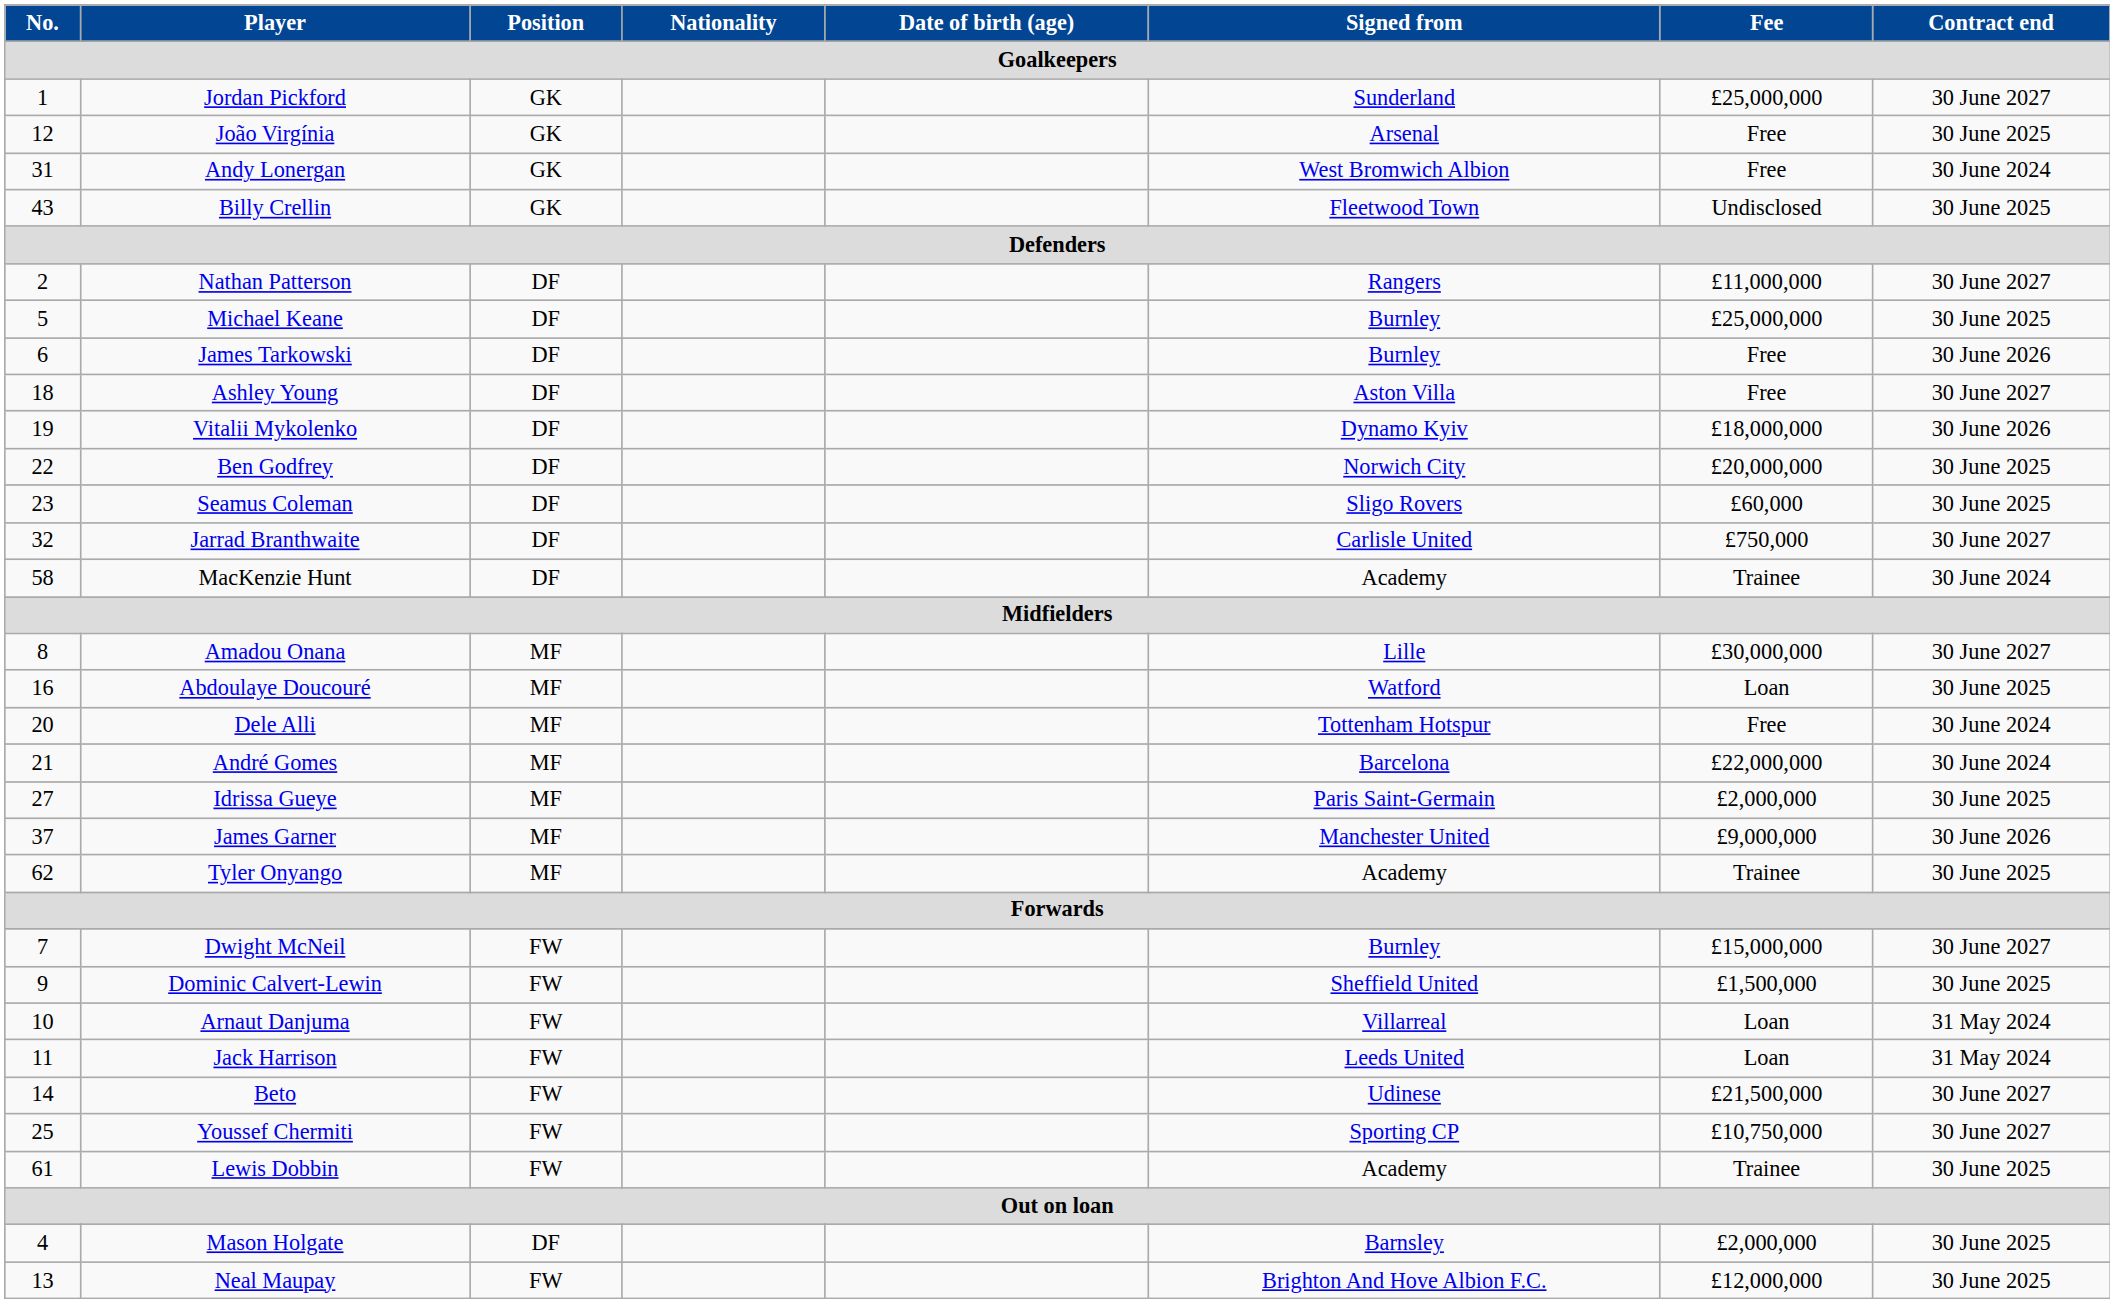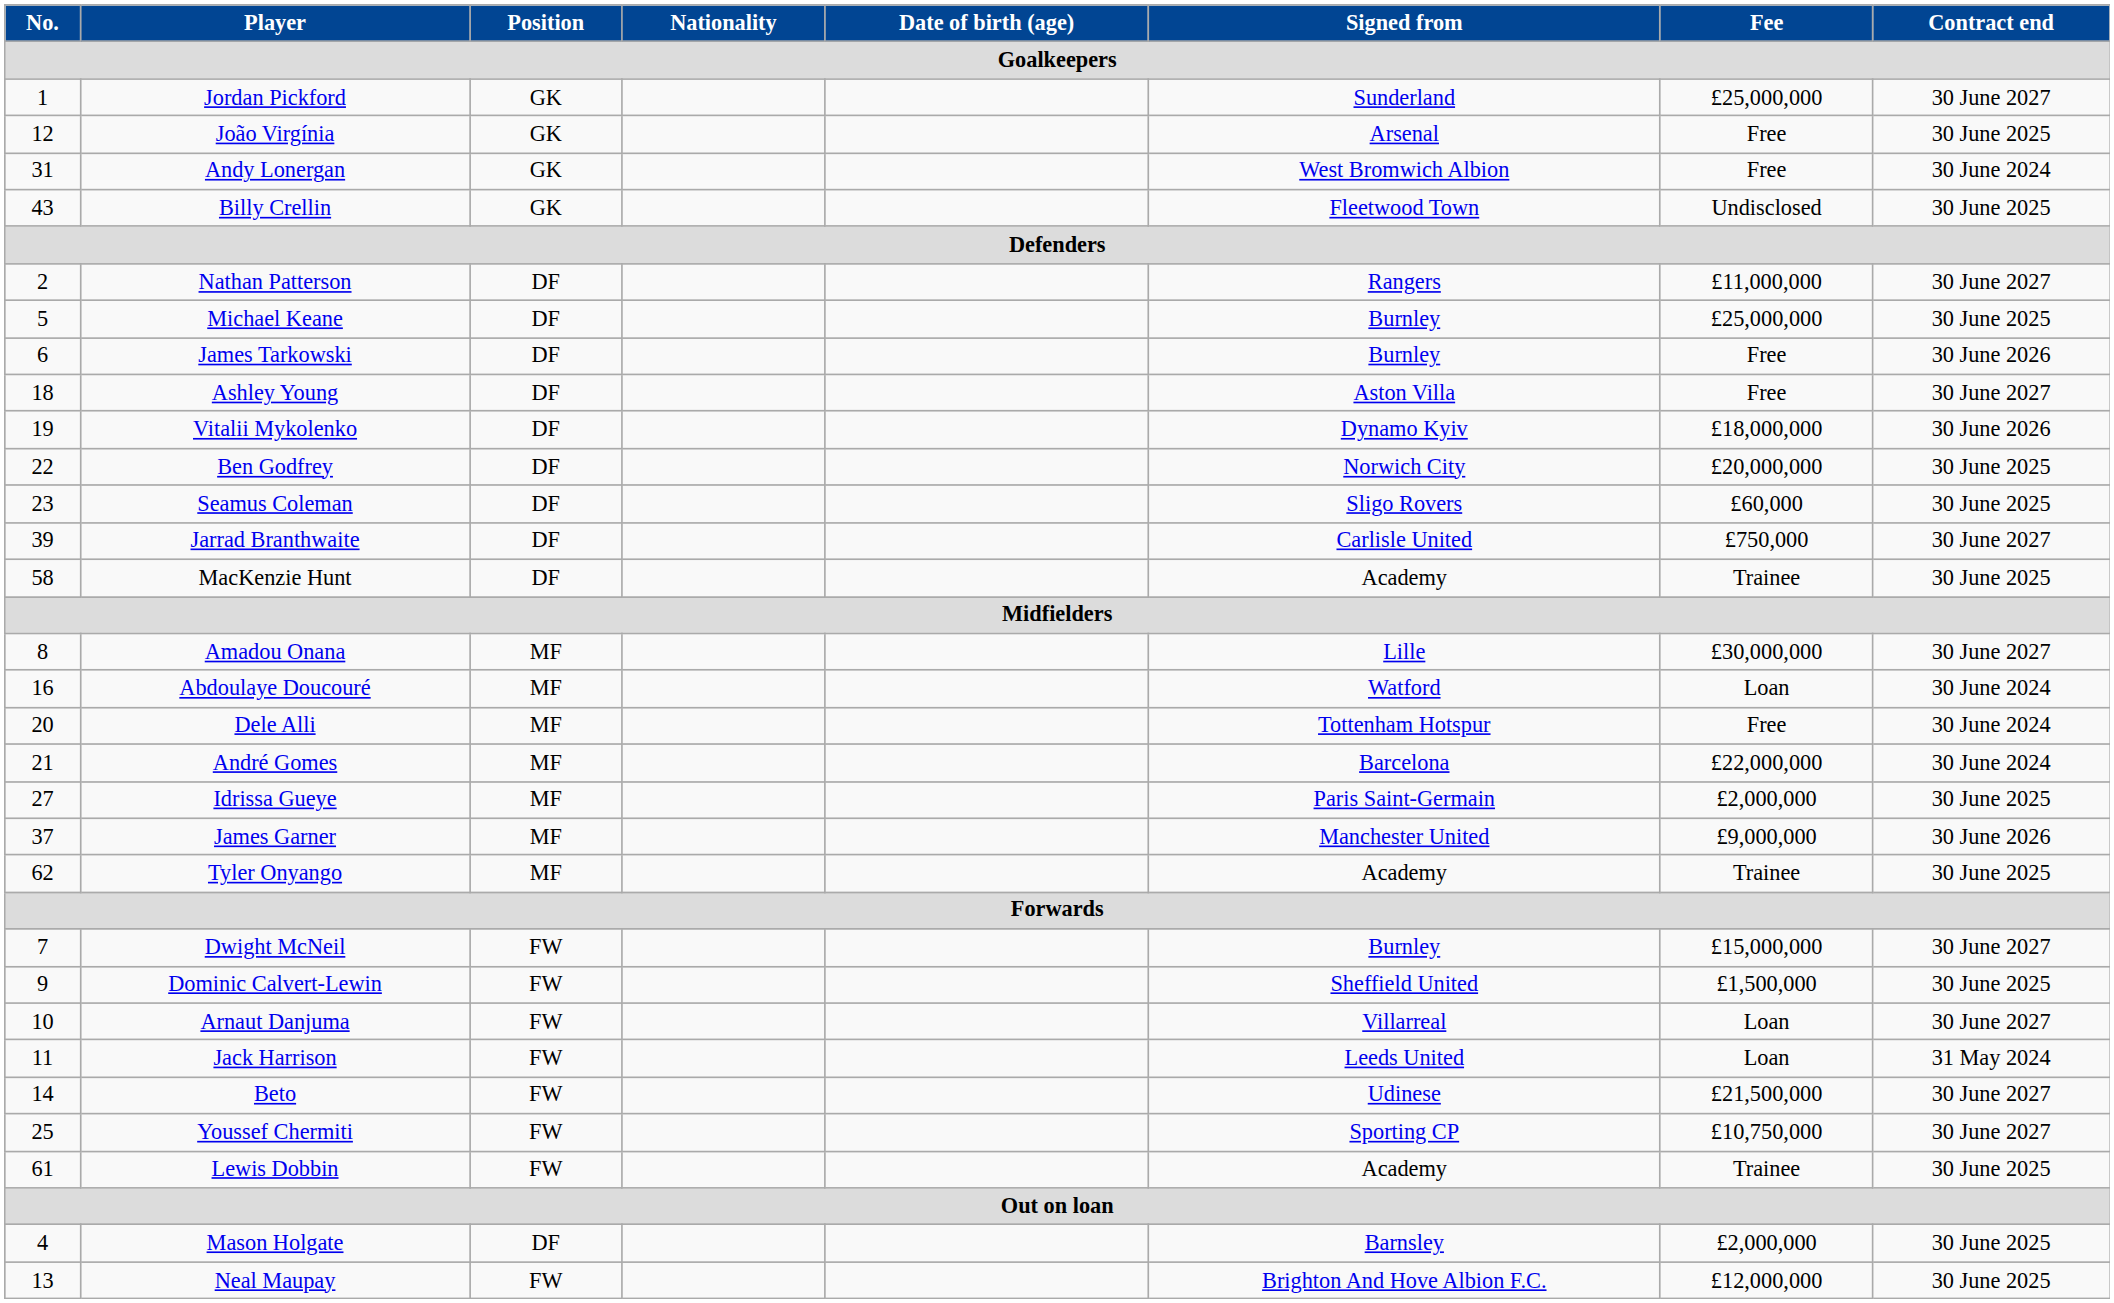 <table class="wikitable" style="text-align:center; font-size:84.5%; width:101%;">
 <tr>
 <th style="color:white; background:#014593; text-align:center;">No.</th>
 <th style="color:white; background:#014593; text-align:center;">Player</th>
 <th style="color:white; background:#014593; text-align:center;">Position</th>
 <th style="color:white; background:#014593; text-align:center;">Nationality</th>
 <th style="color:white; background:#014593; text-align:center;">Date of birth (age)</th>
 <th style="color:white; background:#014593; text-align:center;">Signed from</th>
 <th style="color:white; background:#014593; text-align:center;">Fee</th>
 <th style="color:white; background:#014593; text-align:center;">Contract end</th>
 </tr>
 <tr>
 <th colspan="14" style="background:#dcdcdc; tepxt-align:center;">Goalkeepers</th>
 </tr>
 <tr>
 <td>1</td>
 <td><a href='#'>Jordan Pickford</a></td>
 <td>GK</td>
 <td></td>
 <td></td>
 <td><a href='#'>Sunderland</a></td>
 <td>£25,000,000</td>
 <td>30 June 2027</td>
 </tr>
 <tr>
 <td>12</td>
 <td><a href='#'>João Virgínia</a></td>
 <td>GK</td>
 <td></td>
 <td></td>
 <td><a href='#'>Arsenal</a></td>
 <td>Free</td>
 <td>30 June 2025</td>
 </tr>
 <tr>
 <td>31</td>
 <td><a href='#'>Andy Lonergan</a></td>
 <td>GK</td>
 <td></td>
 <td></td>
 <td><a href='#'>West Bromwich Albion</a></td>
 <td>Free</td>
 <td>30 June 2024</td>
 </tr>
 <tr>
 <td>43</td>
 <td><a href='#'>Billy Crellin</a></td>
 <td>GK</td>
 <td></td>
 <td></td>
 <td><a href='#'>Fleetwood Town</a></td>
 <td>Undisclosed</td>
 <td>30 June 2025</td>
 </tr>
 <tr>
 <th colspan="14" style="background:#dcdcdc; tepxt-align:center;">Defenders</th>
 </tr>
 <tr>
 <td>2</td>
 <td><a href='#'>Nathan Patterson</a></td>
 <td>DF</td>
 <td></td>
 <td></td>
 <td><a href='#'>Rangers</a></td>
 <td>£11,000,000</td>
 <td>30 June 2027</td>
 </tr>
 <tr>
 <td>5</td>
 <td><a href='#'>Michael Keane</a></td>
 <td>DF</td>
 <td></td>
 <td></td>
 <td><a href='#'>Burnley</a></td>
 <td>£25,000,000</td>
 <td>30 June 2025</td>
 </tr>
 <tr>
 <td>6</td>
 <td><a href='#'>James Tarkowski</a></td>
 <td>DF</td>
 <td></td>
 <td></td>
 <td><a href='#'>Burnley</a></td>
 <td>Free</td>
 <td>30 June 2026</td>
 </tr>
 <tr>
 <td>18</td>
 <td><a href='#'>Ashley Young</a></td>
 <td>DF</td>
 <td></td>
 <td></td>
 <td><a href='#'>Aston Villa</a></td>
 <td>Free</td>
 <td>30 June 2027</td>
 </tr>
 <tr>
 <td>19</td>
 <td><a href='#'>Vitalii Mykolenko</a></td>
 <td>DF</td>
 <td></td>
 <td></td>
 <td><a href='#'>Dynamo Kyiv</a></td>
 <td>£18,000,000</td>
 <td>30 June 2026</td>
 </tr>
 <tr>
 <td>22</td>
 <td><a href='#'>Ben Godfrey</a></td>
 <td>DF</td>
 <td></td>
 <td></td>
 <td><a href='#'>Norwich City</a></td>
 <td>£20,000,000</td>
 <td>30 June 2025</td>
 </tr>
 <tr>
 <td>23</td>
 <td><a href='#'>Seamus Coleman</a></td>
 <td>DF</td>
 <td></td>
 <td></td>
 <td><a href='#'>Sligo Rovers</a></td>
 <td>£60,000</td>
 <td>30 June 2025</td>
 </tr>
 <tr>
-<td>32</td>
+<td>39</td>
 <td><a href='#'>Jarrad Branthwaite</a></td>
 <td>DF</td>
 <td></td>
 <td></td>
 <td><a href='#'>Carlisle United</a></td>
 <td>£750,000</td>
 <td>30 June 2027</td>
 </tr>
 <tr>
 <td>58</td>
 <td>MacKenzie Hunt</td>
 <td>DF</td>
 <td></td>
 <td></td>
 <td>Academy</td>
 <td>Trainee</td>
-<td>30 June 2024</td>
+<td>30 June 2025</td>
 </tr>
 <tr>
 <th colspan="14" style="background:#dcdcdc; tepxt-align:center;">Midfielders</th>
 </tr>
 <tr>
 <td>8</td>
 <td><a href='#'>Amadou Onana</a></td>
 <td>MF</td>
 <td></td>
 <td></td>
 <td><a href='#'>Lille</a></td>
 <td>£30,000,000</td>
 <td>30 June 2027</td>
 </tr>
 <tr>
 <td>16</td>
 <td><a href='#'>Abdoulaye Doucouré</a></td>
 <td>MF</td>
 <td></td>
 <td></td>
 <td><a href='#'>Watford</a></td>
 <td>Loan</td>
-<td>30 June 2025</td>
+<td>30 June 2024</td>
 </tr>
 <tr>
 <td>20</td>
 <td><a href='#'>Dele Alli</a></td>
 <td>MF</td>
 <td></td>
 <td></td>
 <td><a href='#'>Tottenham Hotspur</a></td>
 <td>Free</td>
 <td>30 June 2024</td>
 </tr>
 <tr>
 <td>21</td>
 <td><a href='#'>André Gomes</a></td>
 <td>MF</td>
 <td></td>
 <td></td>
 <td><a href='#'>Barcelona</a></td>
 <td>£22,000,000</td>
 <td>30 June 2024</td>
 </tr>
 <tr>
 <td>27</td>
 <td><a href='#'>Idrissa Gueye</a></td>
 <td>MF</td>
 <td></td>
 <td></td>
 <td><a href='#'>Paris Saint-Germain</a></td>
 <td>£2,000,000</td>
 <td>30 June 2025</td>
 </tr>
 <tr>
 <td>37</td>
 <td><a href='#'>James Garner</a></td>
 <td>MF</td>
 <td></td>
 <td></td>
 <td><a href='#'>Manchester United</a></td>
 <td>£9,000,000</td>
 <td>30 June 2026</td>
 </tr>
 <tr>
 <td>62</td>
 <td><a href='#'>Tyler Onyango</a></td>
 <td>MF</td>
 <td></td>
 <td></td>
 <td>Academy</td>
 <td>Trainee</td>
 <td>30 June 2025</td>
 </tr>
 <tr>
 <th colspan="14" style="background:#dcdcdc; tepxt-align:center;">Forwards</th>
 </tr>
 <tr>
 <td>7</td>
 <td><a href='#'>Dwight McNeil</a></td>
 <td>FW</td>
 <td></td>
 <td></td>
 <td><a href='#'>Burnley</a></td>
 <td>£15,000,000</td>
 <td>30 June 2027</td>
 </tr>
 <tr>
 <td>9</td>
 <td><a href='#'>Dominic Calvert-Lewin</a></td>
 <td>FW</td>
 <td></td>
 <td></td>
 <td><a href='#'>Sheffield United</a></td>
 <td>£1,500,000</td>
 <td>30 June 2025</td>
 </tr>
 <tr>
 <td>10</td>
 <td><a href='#'>Arnaut Danjuma</a></td>
 <td>FW</td>
 <td></td>
 <td></td>
 <td><a href='#'>Villarreal</a></td>
 <td>Loan</td>
-<td>31 May 2024</td>
+<td>30 June 2027</td>
 </tr>
 <tr>
 <td>11</td>
 <td><a href='#'>Jack Harrison</a></td>
 <td>FW</td>
 <td></td>
 <td></td>
 <td><a href='#'>Leeds United</a></td>
 <td>Loan</td>
 <td>31 May 2024</td>
 </tr>
 <tr>
 <td>14</td>
 <td><a href='#'>Beto</a></td>
 <td>FW</td>
 <td></td>
 <td></td>
 <td><a href='#'>Udinese</a></td>
 <td>£21,500,000</td>
 <td>30 June 2027</td>
 </tr>
 <tr>
 <td>25</td>
 <td><a href='#'>Youssef Chermiti</a></td>
 <td>FW</td>
 <td></td>
 <td></td>
 <td><a href='#'>Sporting CP</a></td>
 <td>£10,750,000</td>
 <td>30 June 2027</td>
 </tr>
 <tr>
 <td>61</td>
 <td><a href='#'>Lewis Dobbin</a></td>
 <td>FW</td>
 <td></td>
 <td></td>
 <td>Academy</td>
 <td>Trainee</td>
 <td>30 June 2025</td>
 </tr>
 <tr>
 <th colspan="14" style="background:#dcdcdc; tepxt-align:center;">Out on loan</th>
 </tr>
 <tr>
 <td>4</td>
 <td><a href='#'>Mason Holgate</a></td>
 <td>DF</td>
 <td></td>
 <td></td>
 <td><a href='#'>Barnsley</a></td>
 <td>£2,000,000</td>
 <td>30 June 2025</td>
 </tr>
 <tr>
 <td>13</td>
 <td><a href='#'>Neal Maupay</a></td>
 <td>FW</td>
 <td></td>
 <td></td>
 <td><a href='#'>Brighton And Hove Albion F.C.</a></td>
 <td>£12,000,000</td>
 <td>30 June 2025</td>
 </tr>
 </table>
